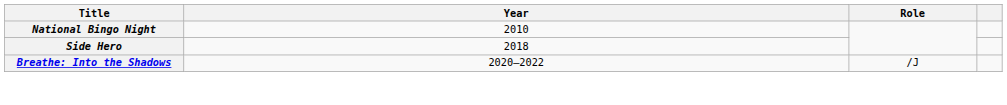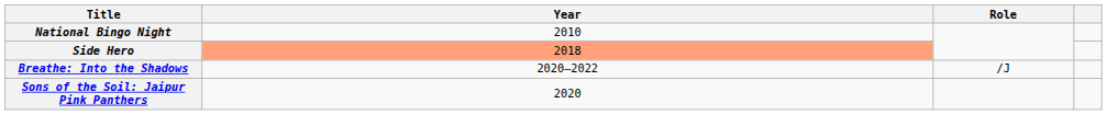 <table class="wikitable sortable" style="width: 100%; text-align: center;">
 <tr>
 <th scope="col" style="width: 17em;">Title</th>
 <th scope="col">Year</th>
 <th scope="col" style="width: 12em;">Role</th>
 <th scope="col" style="width: 2em;" class="unsortable"></th>
 </tr>
 <tr>
 <th scope="row"><em>National Bingo Night</em></th>
 <td>2010</td>
 <td rowspan="2"></td>
 <td style="text-align:center;"></td>
 </tr>
 <tr>
 <th scope="row"><em>Side Hero</em></th>
-<td>2018</td>
+<td style="background: lightsalmon;">2018</td>
 <td style="text-align:center;"></td>
 </tr>
 <tr>
 <th scope="row"><em><a href='#'>Breathe: Into the Shadows</a></em></th>
 <td>2020–2022</td>
 <td>/J</td>
 <td style="text-align:center;"></td>
 </tr>
+<tr>
+<th scope ="row"><em><a href='#'>Sons of the Soil: Jaipur Pink Panthers</a></em></th>
+<td>2020</td>
+<td></td>
+<td style="text-align:center;"></td>
+</tr>
 </table>
